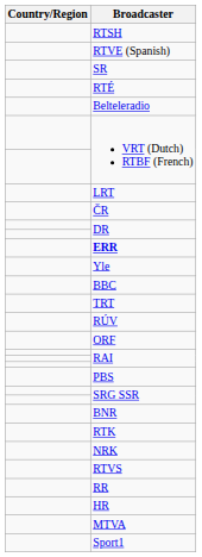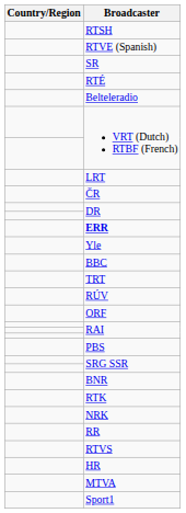 <table class="wikitable">
 <tr>
 <th>Country/Region</th>
 <th>Broadcaster</th>
 </tr>
 <tr>
 <td></td>
 <td><a href='#'>RTSH</a></td>
 </tr>
 <tr>
 <td></td>
 <td><a href='#'>RTVE</a> (Spanish)</td>
 </tr>
 <tr>
 <td></td>
 <td><a href='#'>SR</a></td>
 </tr>
 <tr>
 <td></td>
 <td><a href='#'>RTÉ</a></td>
 </tr>
 <tr>
 <td></td>
 <td><a href='#'>Belteleradio</a></td>
 </tr>
 <tr>
 <td></td>
 <td rowspan="2"><br><ul><li><a href='#'>VRT</a> (Dutch)</li><li><a href='#'>RTBF</a> (French)</li></ul></td>
 </tr>
 <tr>
 <td></td>
 </tr>
 <tr>
 <td></td>
 <td><a href='#'>LRT</a></td>
 </tr>
 <tr>
 <td></td>
 <td><a href='#'>ČR</a></td>
 </tr>
 <tr>
 <td></td>
 <td rowspan="2"><a href='#'>DR</a></td>
 </tr>
 <tr>
 <td></td>
 </tr>
 <tr>
 <td></td>
 <td><strong><a href='#'>ERR</a></strong></td>
 </tr>
 <tr>
 <td></td>
 <td><a href='#'>Yle</a></td>
 </tr>
 <tr>
 <td></td>
 <td><a href='#'>BBC</a></td>
 </tr>
 <tr>
 <td></td>
 <td><a href='#'>TRT</a></td>
 </tr>
 <tr>
 <td></td>
 <td><a href='#'>RÚV</a></td>
 </tr>
 <tr>
 <td></td>
 <td><a href='#'>ORF</a></td>
 </tr>
 <tr>
 <td></td>
 <td rowspan="3"><a href='#'>RAI</a></td>
 </tr>
 <tr>
 <td></td>
 </tr>
 <tr>
 <td></td>
 </tr>
 <tr>
 <td></td>
 <td><a href='#'>PBS</a></td>
 </tr>
 <tr>
 <td></td>
 <td rowspan="2"><a href='#'>SRG SSR</a></td>
 </tr>
 <tr>
 <td></td>
 </tr>
 <tr>
 <td></td>
 <td><a href='#'>BNR</a></td>
 </tr>
 <tr>
 <td></td>
 <td><a href='#'>RTK</a></td>
 </tr>
 <tr>
 <td></td>
 <td><a href='#'>NRK</a></td>
 </tr>
 <tr>
 <td></td>
-<td><a href='#'>RTVS</a></td>
+<td><a href='#'>RR</a></td>
 </tr>
 <tr>
 <td></td>
-<td><a href='#'>RR</a></td>
+<td><a href='#'>RTVS</a></td>
 </tr>
 <tr>
 <td></td>
 <td><a href='#'>HR</a></td>
 </tr>
 <tr>
 <td></td>
 <td><a href='#'>MTVA</a></td>
 </tr>
 <tr>
 <td></td>
 <td><a href='#'>Sport1</a></td>
 </tr>
 </table>
